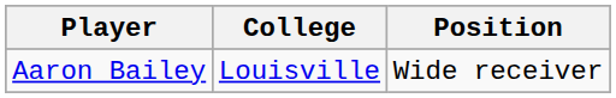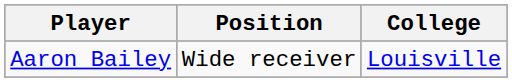 <table class="wikitable" style="text-align"center;">
 <tr>
 <th>Player</th>
+<th>Position</th>
 <th>College</th>
-<th>Position</th>
 </tr>
 <tr>
 <td><a href='#'>Aaron Bailey</a></td>
+<td>Wide receiver</td>
 <td><a href='#'>Louisville</a></td>
-<td>Wide receiver</td>
 </tr>
 </table>
